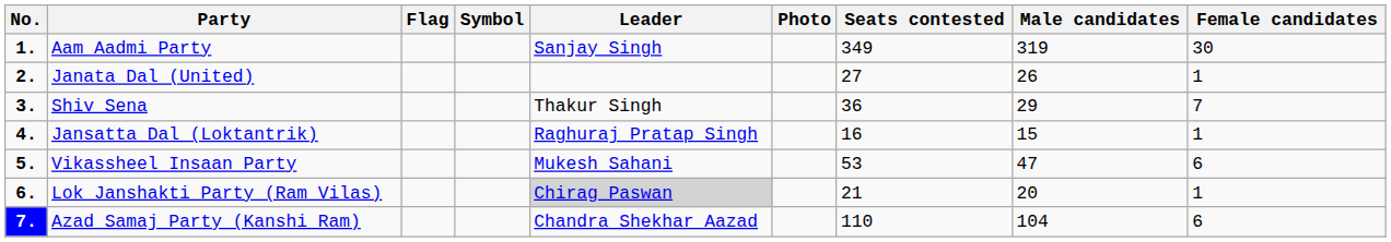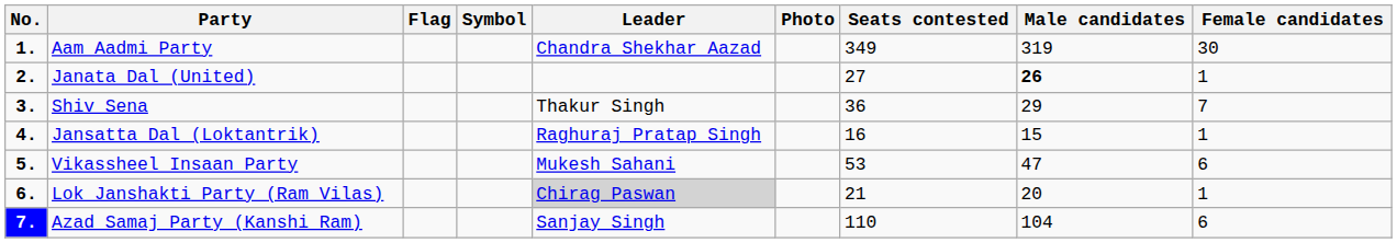 <table class="wikitable"  " style="width:80%">
 <tr>
 <th>No.</th>
 <th>Party</th>
 <th>Flag</th>
 <th>Symbol</th>
 <th>Leader</th>
 <th>Photo</th>
 <th>Seats contested</th>
 <th>Male candidates</th>
 <th>Female candidates</th>
 </tr>
 <tr>
 <td ! style="text-align:center; background:"><strong>1.</strong></td>
 <td><a href='#'>Aam Aadmi Party</a></td>
 <td></td>
 <td></td>
-<td><a href='#'>Sanjay Singh</a></td>
+<td><a href='#'>Chandra Shekhar Aazad</a></td>
 <td></td>
 <td>349</td>
 <td>319</td>
 <td>30</td>
 </tr>
 <tr>
 <td style="text-align:center;background:"><strong>2.</strong></td>
 <td><a href='#'>Janata Dal (United)</a></td>
 <td></td>
 <td></td>
 <td></td>
 <td></td>
 <td>27</td>
-<td>26</td>
+<td><strong>26</strong></td>
 <td>1</td>
 </tr>
 <tr>
 <td ! style="text-align:center; background:"><strong>3.</strong></td>
 <td><a href='#'>Shiv Sena</a></td>
 <td></td>
 <td></td>
 <td>Thakur Singh</td>
 <td></td>
 <td>36</td>
 <td>29</td>
 <td>7</td>
 </tr>
 <tr>
 <td ! style="text-align:center; background:"><strong>4.</strong></td>
 <td><a href='#'>Jansatta Dal (Loktantrik)</a></td>
 <td></td>
 <td></td>
 <td><a href='#'>Raghuraj Pratap Singh</a></td>
 <td></td>
 <td>16</td>
 <td>15</td>
 <td>1</td>
 </tr>
 <tr>
 <td style="text-align:center; background:"><strong>5.</strong></td>
 <td><a href='#'>Vikassheel Insaan Party</a></td>
 <td></td>
 <td></td>
 <td><a href='#'>Mukesh Sahani</a></td>
 <td></td>
 <td>53</td>
 <td>47</td>
 <td>6</td>
 </tr>
 <tr>
 <td style="text-align:center; background:"><strong>6.</strong></td>
 <td><a href='#'>Lok Janshakti Party (Ram Vilas)</a></td>
 <td></td>
 <td></td>
 <td style="background: lightgrey;"><a href='#'>Chirag Paswan</a></td>
 <td></td>
 <td>21</td>
 <td>20</td>
 <td>1</td>
 </tr>
 <tr>
 <td style="text-align:center; background:Blue;color:white"><strong>7.</strong></td>
 <td><a href='#'>Azad Samaj Party (Kanshi Ram)</a></td>
 <td></td>
 <td></td>
-<td><a href='#'>Chandra Shekhar Aazad</a></td>
+<td><a href='#'>Sanjay Singh</a></td>
 <td></td>
 <td>110</td>
 <td>104</td>
 <td>6</td>
 </tr>
 </table>
